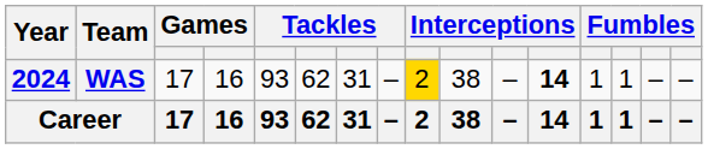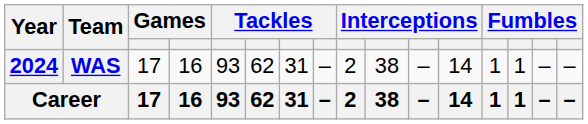 <table class="wikitable" style="text-align:center;">
 <tr>
 <th rowspan="2">Year</th>
 <th rowspan="2">Team</th>
 <th colspan="2">Games</th>
 <th colspan="4"><a href='#'>Tackles</a></th>
 <th colspan="4"><a href='#'>Interceptions</a></th>
 <th colspan="4"><a href='#'>Fumbles</a></th>
 </tr>
 <tr>
 <th></th>
 <th></th>
 <th></th>
 <th></th>
 <th></th>
 <th></th>
 <th></th>
 <th></th>
 <th></th>
 <th></th>
 <th></th>
 <th></th>
 <th></th>
 <th></th>
 </tr>
 <tr>
 <th><a href='#'>2024</a></th>
 <th><a href='#'>WAS</a></th>
 <td>17</td>
 <td>16</td>
 <td>93</td>
 <td>62</td>
 <td>31</td>
 <td>–</td>
-<td style="background: gold;">2</td>
+<td>2</td>
 <td>38</td>
 <td>–</td>
-<td><strong>14</strong></td>
+<td>14</td>
 <td>1</td>
 <td>1</td>
 <td>–</td>
 <td>–</td>
 </tr>
 <tr>
 <th colspan="2">Career</th>
 <th>17</th>
 <th>16</th>
 <th>93</th>
 <th>62</th>
 <th>31</th>
 <th>–</th>
 <th>2</th>
 <th>38</th>
 <th>–</th>
 <th>14</th>
 <th>1</th>
 <th>1</th>
 <th>–</th>
 <th>–</th>
 </tr>
 </table>
